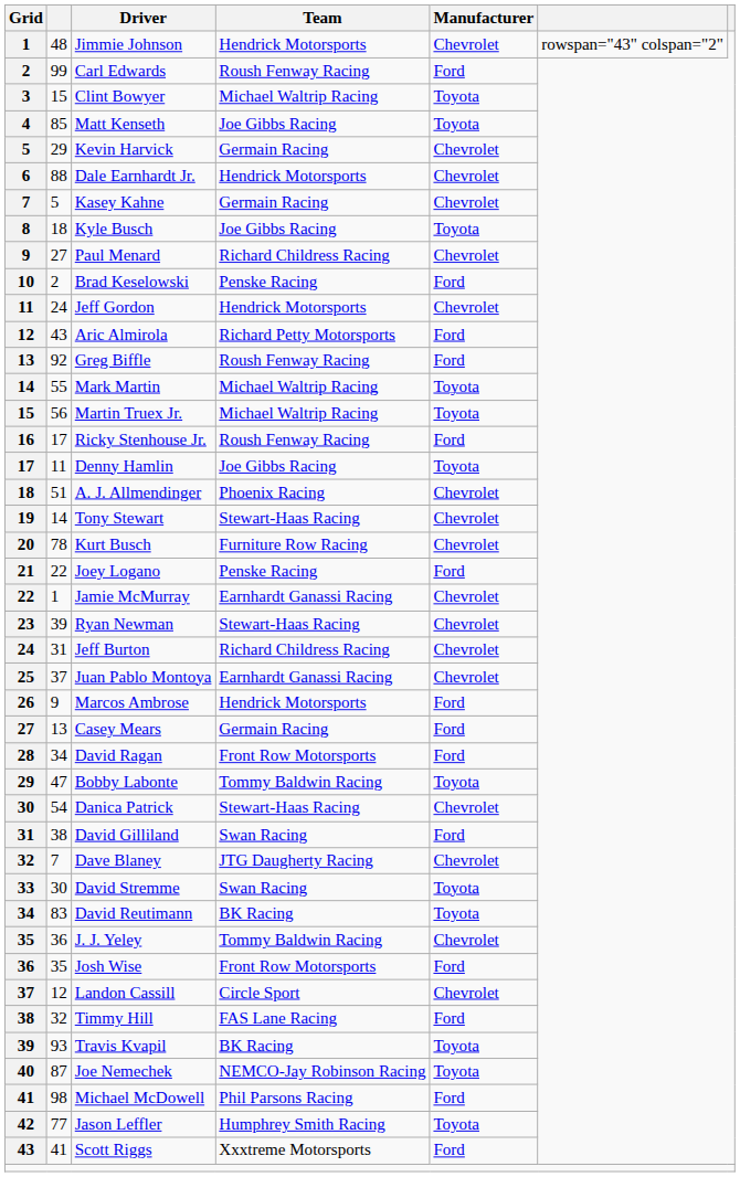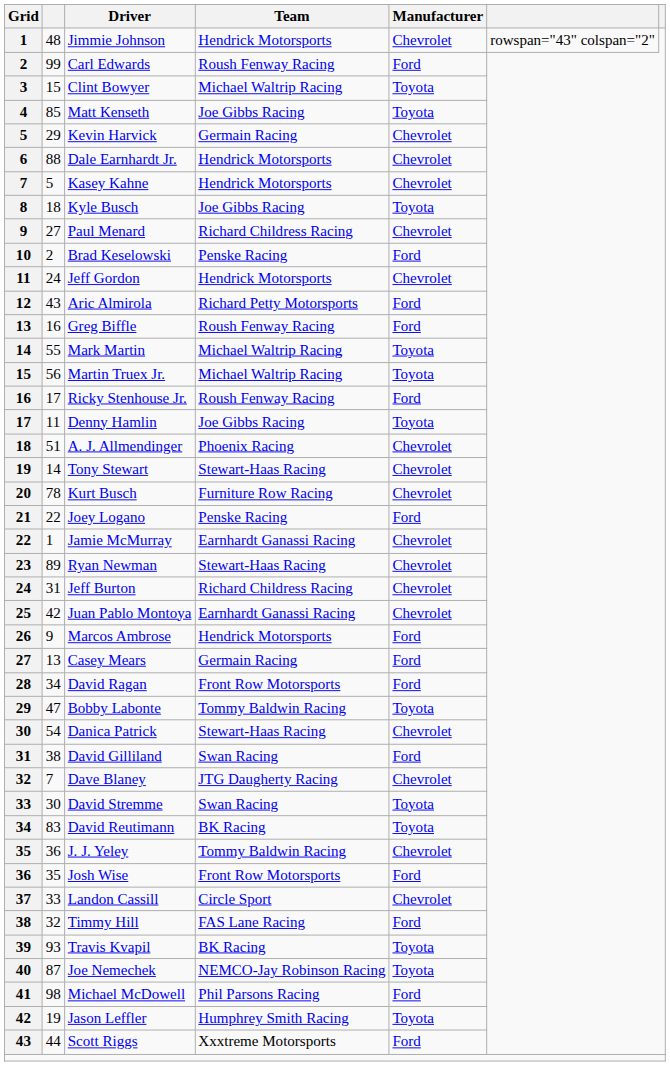 <table class="wikitable sortable">
 <tr>
 <th>Grid</th>
 <th></th>
 <th>Driver</th>
 <th>Team</th>
 <th>Manufacturer</th>
 <th></th>
 <th></th>
 </tr>
 <tr>
 <th>1</th>
 <td>48</td>
 <td><a href='#'>Jimmie Johnson</a></td>
 <td><a href='#'>Hendrick Motorsports</a></td>
 <td><a href='#'>Chevrolet</a></td>
 <td>rowspan="43" colspan="2" </td>
 </tr>
 <tr>
 <th>2</th>
 <td>99</td>
 <td><a href='#'>Carl Edwards</a></td>
 <td><a href='#'>Roush Fenway Racing</a></td>
 <td><a href='#'>Ford</a></td>
 </tr>
 <tr>
 <th>3</th>
 <td>15</td>
 <td><a href='#'>Clint Bowyer</a></td>
 <td><a href='#'>Michael Waltrip Racing</a></td>
 <td><a href='#'>Toyota</a></td>
 </tr>
 <tr>
 <th>4</th>
 <td>85</td>
 <td><a href='#'>Matt Kenseth</a></td>
 <td><a href='#'>Joe Gibbs Racing</a></td>
 <td><a href='#'>Toyota</a></td>
 </tr>
 <tr>
 <th>5</th>
 <td>29</td>
 <td><a href='#'>Kevin Harvick</a></td>
 <td><a href='#'>Germain Racing</a></td>
 <td><a href='#'>Chevrolet</a></td>
 </tr>
 <tr>
 <th>6</th>
 <td>88</td>
 <td><a href='#'>Dale Earnhardt Jr.</a></td>
 <td><a href='#'>Hendrick Motorsports</a></td>
 <td><a href='#'>Chevrolet</a></td>
 </tr>
 <tr>
 <th>7</th>
 <td>5</td>
 <td><a href='#'>Kasey Kahne</a></td>
-<td><a href='#'>Germain Racing</a></td>
+<td><a href='#'>Hendrick Motorsports</a></td>
 <td><a href='#'>Chevrolet</a></td>
 </tr>
 <tr>
 <th>8</th>
 <td>18</td>
 <td><a href='#'>Kyle Busch</a></td>
 <td><a href='#'>Joe Gibbs Racing</a></td>
 <td><a href='#'>Toyota</a></td>
 </tr>
 <tr>
 <th>9</th>
 <td>27</td>
 <td><a href='#'>Paul Menard</a></td>
 <td><a href='#'>Richard Childress Racing</a></td>
 <td><a href='#'>Chevrolet</a></td>
 </tr>
 <tr>
 <th>10</th>
 <td>2</td>
 <td><a href='#'>Brad Keselowski</a></td>
 <td><a href='#'>Penske Racing</a></td>
 <td><a href='#'>Ford</a></td>
 </tr>
 <tr>
 <th>11</th>
 <td>24</td>
 <td><a href='#'>Jeff Gordon</a></td>
 <td><a href='#'>Hendrick Motorsports</a></td>
 <td><a href='#'>Chevrolet</a></td>
 </tr>
 <tr>
 <th>12</th>
 <td>43</td>
 <td><a href='#'>Aric Almirola</a></td>
 <td><a href='#'>Richard Petty Motorsports</a></td>
 <td><a href='#'>Ford</a></td>
 </tr>
 <tr>
 <th>13</th>
-<td>92</td>
+<td>16</td>
 <td><a href='#'>Greg Biffle</a></td>
 <td><a href='#'>Roush Fenway Racing</a></td>
 <td><a href='#'>Ford</a></td>
 </tr>
 <tr>
 <th>14</th>
 <td>55</td>
 <td><a href='#'>Mark Martin</a></td>
 <td><a href='#'>Michael Waltrip Racing</a></td>
 <td><a href='#'>Toyota</a></td>
 </tr>
 <tr>
 <th>15</th>
 <td>56</td>
 <td><a href='#'>Martin Truex Jr.</a></td>
 <td><a href='#'>Michael Waltrip Racing</a></td>
 <td><a href='#'>Toyota</a></td>
 </tr>
 <tr>
 <th>16</th>
 <td>17</td>
 <td><a href='#'>Ricky Stenhouse Jr.</a></td>
 <td><a href='#'>Roush Fenway Racing</a></td>
 <td><a href='#'>Ford</a></td>
 </tr>
 <tr>
 <th>17</th>
 <td>11</td>
 <td><a href='#'>Denny Hamlin</a></td>
 <td><a href='#'>Joe Gibbs Racing</a></td>
 <td><a href='#'>Toyota</a></td>
 </tr>
 <tr>
 <th>18</th>
 <td>51</td>
 <td><a href='#'>A. J. Allmendinger</a></td>
 <td><a href='#'>Phoenix Racing</a></td>
 <td><a href='#'>Chevrolet</a></td>
 </tr>
 <tr>
 <th>19</th>
 <td>14</td>
 <td><a href='#'>Tony Stewart</a></td>
 <td><a href='#'>Stewart-Haas Racing</a></td>
 <td><a href='#'>Chevrolet</a></td>
 </tr>
 <tr>
 <th>20</th>
 <td>78</td>
 <td><a href='#'>Kurt Busch</a></td>
 <td><a href='#'>Furniture Row Racing</a></td>
 <td><a href='#'>Chevrolet</a></td>
 </tr>
 <tr>
 <th>21</th>
 <td>22</td>
 <td><a href='#'>Joey Logano</a></td>
 <td><a href='#'>Penske Racing</a></td>
 <td><a href='#'>Ford</a></td>
 </tr>
 <tr>
 <th>22</th>
 <td>1</td>
 <td><a href='#'>Jamie McMurray</a></td>
 <td><a href='#'>Earnhardt Ganassi Racing</a></td>
 <td><a href='#'>Chevrolet</a></td>
 </tr>
 <tr>
 <th>23</th>
-<td>39</td>
+<td>89</td>
 <td><a href='#'>Ryan Newman</a></td>
 <td><a href='#'>Stewart-Haas Racing</a></td>
 <td><a href='#'>Chevrolet</a></td>
 </tr>
 <tr>
 <th>24</th>
 <td>31</td>
 <td><a href='#'>Jeff Burton</a></td>
 <td><a href='#'>Richard Childress Racing</a></td>
 <td><a href='#'>Chevrolet</a></td>
 </tr>
 <tr>
 <th>25</th>
-<td>37</td>
+<td>42</td>
 <td><a href='#'>Juan Pablo Montoya</a></td>
 <td><a href='#'>Earnhardt Ganassi Racing</a></td>
 <td><a href='#'>Chevrolet</a></td>
 </tr>
 <tr>
 <th>26</th>
 <td>9</td>
 <td><a href='#'>Marcos Ambrose</a></td>
 <td><a href='#'>Hendrick Motorsports</a></td>
 <td><a href='#'>Ford</a></td>
 </tr>
 <tr>
 <th>27</th>
 <td>13</td>
 <td><a href='#'>Casey Mears</a></td>
 <td><a href='#'>Germain Racing</a></td>
 <td><a href='#'>Ford</a></td>
 </tr>
 <tr>
 <th>28</th>
 <td>34</td>
 <td><a href='#'>David Ragan</a></td>
 <td><a href='#'>Front Row Motorsports</a></td>
 <td><a href='#'>Ford</a></td>
 </tr>
 <tr>
 <th>29</th>
 <td>47</td>
 <td><a href='#'>Bobby Labonte</a></td>
 <td><a href='#'>Tommy Baldwin Racing</a></td>
 <td><a href='#'>Toyota</a></td>
 </tr>
 <tr>
 <th>30</th>
 <td>54</td>
 <td><a href='#'>Danica Patrick</a></td>
 <td><a href='#'>Stewart-Haas Racing</a></td>
 <td><a href='#'>Chevrolet</a></td>
 </tr>
 <tr>
 <th>31</th>
 <td>38</td>
 <td><a href='#'>David Gilliland</a></td>
 <td><a href='#'>Swan Racing</a></td>
 <td><a href='#'>Ford</a></td>
 </tr>
 <tr>
 <th>32</th>
 <td>7</td>
 <td><a href='#'>Dave Blaney</a></td>
 <td><a href='#'>JTG Daugherty Racing</a></td>
 <td><a href='#'>Chevrolet</a></td>
 </tr>
 <tr>
 <th>33</th>
 <td>30</td>
 <td><a href='#'>David Stremme</a></td>
 <td><a href='#'>Swan Racing</a></td>
 <td><a href='#'>Toyota</a></td>
 </tr>
 <tr>
 <th>34</th>
 <td>83</td>
 <td><a href='#'>David Reutimann</a></td>
 <td><a href='#'>BK Racing</a></td>
 <td><a href='#'>Toyota</a></td>
 </tr>
 <tr>
 <th>35</th>
 <td>36</td>
 <td><a href='#'>J. J. Yeley</a></td>
 <td><a href='#'>Tommy Baldwin Racing</a></td>
 <td><a href='#'>Chevrolet</a></td>
 </tr>
 <tr>
 <th>36</th>
 <td>35</td>
 <td><a href='#'>Josh Wise</a></td>
 <td><a href='#'>Front Row Motorsports</a></td>
 <td><a href='#'>Ford</a></td>
 </tr>
 <tr>
 <th>37</th>
-<td>12</td>
+<td>33</td>
 <td><a href='#'>Landon Cassill</a></td>
 <td><a href='#'>Circle Sport</a></td>
 <td><a href='#'>Chevrolet</a></td>
 </tr>
 <tr>
 <th>38</th>
 <td>32</td>
 <td><a href='#'>Timmy Hill</a></td>
 <td><a href='#'>FAS Lane Racing</a></td>
 <td><a href='#'>Ford</a></td>
 </tr>
 <tr>
 <th>39</th>
 <td>93</td>
 <td><a href='#'>Travis Kvapil</a></td>
 <td><a href='#'>BK Racing</a></td>
 <td><a href='#'>Toyota</a></td>
 </tr>
 <tr>
 <th>40</th>
 <td>87</td>
 <td><a href='#'>Joe Nemechek</a></td>
 <td><a href='#'>NEMCO-Jay Robinson Racing</a></td>
 <td><a href='#'>Toyota</a></td>
 </tr>
 <tr>
 <th>41</th>
 <td>98</td>
 <td><a href='#'>Michael McDowell</a></td>
 <td><a href='#'>Phil Parsons Racing</a></td>
 <td><a href='#'>Ford</a></td>
 </tr>
 <tr>
 <th>42</th>
-<td>77</td>
+<td>19</td>
 <td><a href='#'>Jason Leffler</a></td>
 <td><a href='#'>Humphrey Smith Racing</a></td>
 <td><a href='#'>Toyota</a></td>
 </tr>
 <tr>
 <th>43</th>
-<td>41</td>
+<td>44</td>
 <td><a href='#'>Scott Riggs</a></td>
 <td>Xxxtreme Motorsports</td>
 <td><a href='#'>Ford</a></td>
 </tr>
 <tr>
 <td colspan="8"></td>
 </tr>
 </table>
